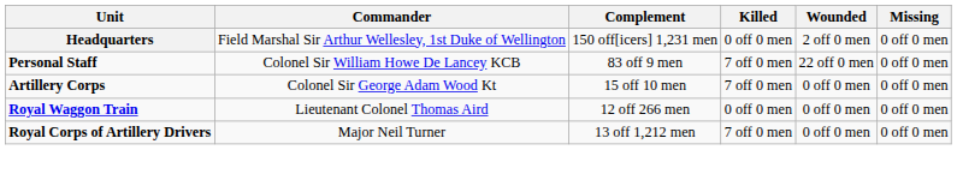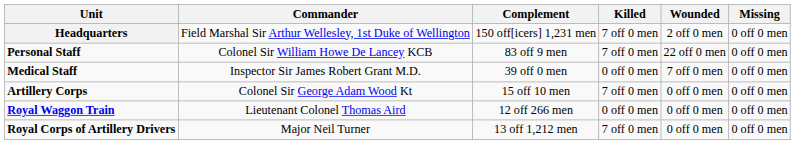 <table class="wikitable">
 <tr>
 <th>Unit</th>
 <th>Commander</th>
 <th>Complement</th>
 <th>Killed</th>
 <th>Wounded</th>
 <th>Missing</th>
 </tr>
 <tr>
 <th colspan="1" bgcolor="#f9f9f9;">Headquarters</th>
 <td align="center">Field Marshal Sir <a href='#'>Arthur Wellesley, 1st Duke of Wellington</a></td>
 <td align="center">150 off[icers] 1,231 men</td>
-<td align="center">0 off 0 men</td>
+<td align="center">7 off 0 men</td>
 <td align="center">2 off 0 men</td>
 <td align="center">0 off 0 men</td>
 </tr>
 <tr>
 <td><strong>Personal Staff</strong></td>
 <td align="center">Colonel Sir <a href='#'>William Howe De Lancey</a> KCB</td>
 <td align="center">83 off 9 men</td>
 <td align="center">7 off 0 men</td>
 <td align="center">22 off 0 men</td>
+<td align="center">0 off 0 men</td>
+</tr>
+<tr>
+<td><strong>Medical Staff</strong></td>
+<td align="center">Inspector Sir James Robert Grant M.D.</td>
+<td align="center">39 off 0 men</td>
+<td align="center">0 off 0 men</td>
+<td align="center">7 off 0 men</td>
 <td align="center">0 off 0 men</td>
 </tr>
 <tr>
 <td><strong>Artillery Corps</strong></td>
 <td align="center">Colonel Sir <a href='#'>George Adam Wood</a> Kt</td>
 <td align="center">15 off 10 men</td>
 <td align="center">7 off 0 men</td>
 <td align="center">0 off 0 men</td>
 <td align="center">0 off 0 men</td>
 </tr>
 <tr>
 <td><strong><a href='#'>Royal Waggon Train</a></strong></td>
 <td align="center">Lieutenant Colonel <a href='#'>Thomas Aird</a></td>
 <td align="center">12 off 266 men</td>
 <td align="center">0 off 0 men</td>
 <td align="center">0 off 0 men</td>
 <td align="center">0 off 0 men</td>
 </tr>
 <tr>
 <td><strong>Royal Corps of Artillery Drivers</strong></td>
 <td align="center">Major Neil Turner</td>
 <td align="center">13 off 1,212 men</td>
 <td align="center">7 off 0 men</td>
 <td align="center">0 off 0 men</td>
 <td align="center">0 off 0 men</td>
 </tr>
 </table>
